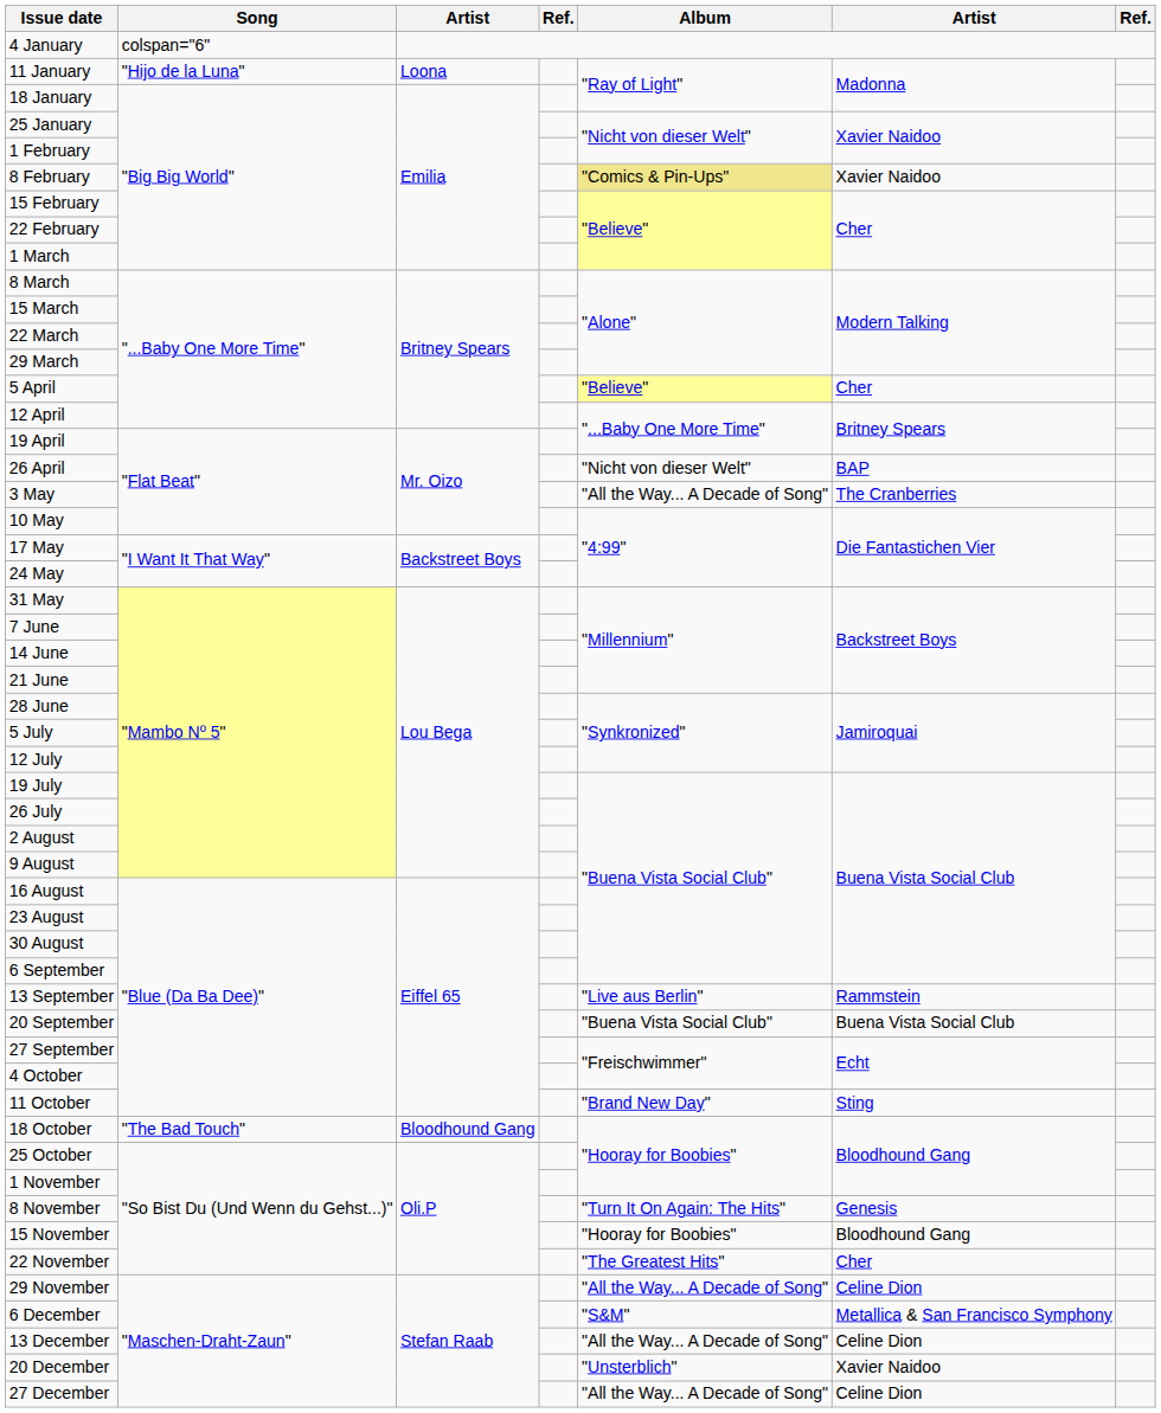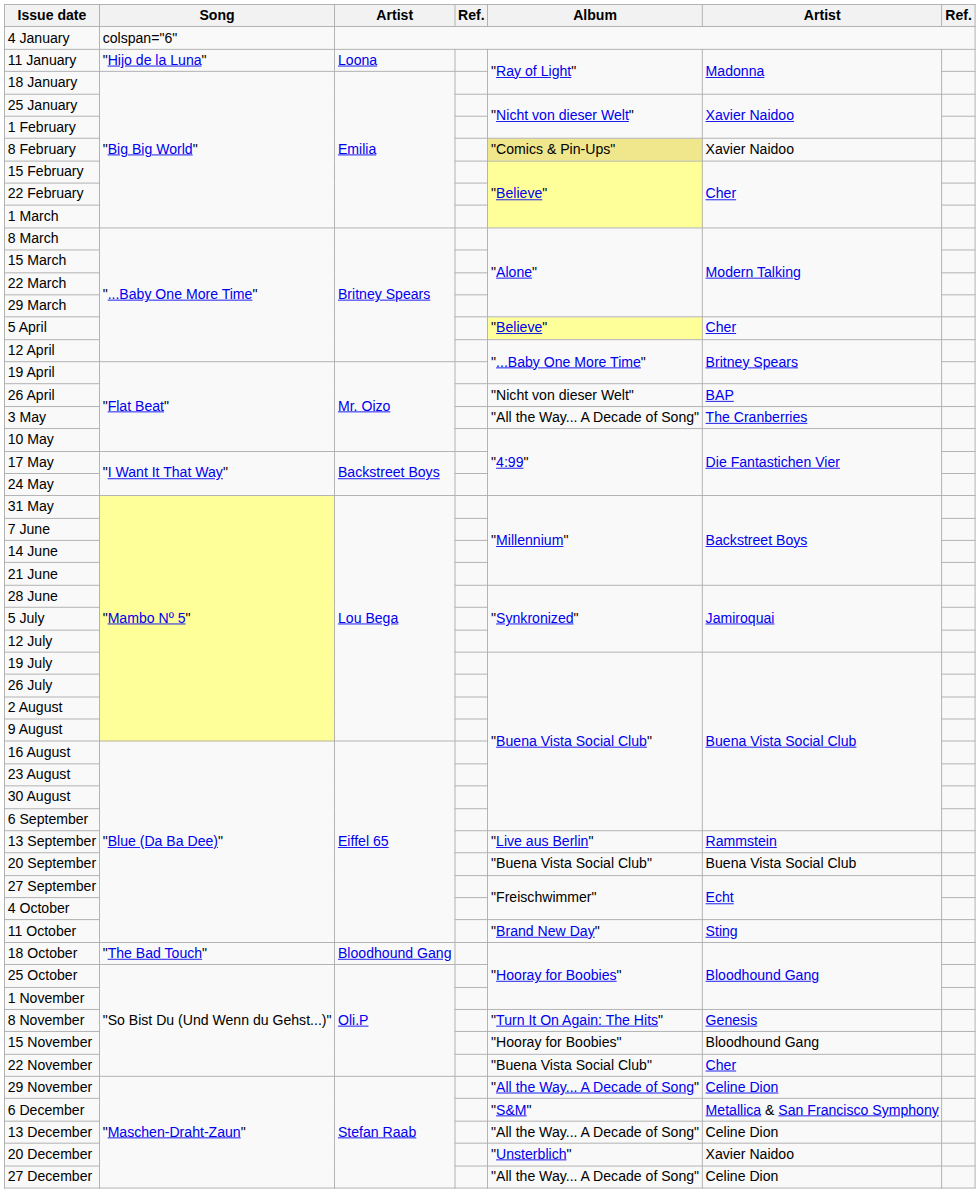 <table class="sortable wikitable">
 <tr>
 <th>Issue date</th>
 <th>Song</th>
 <th>Artist</th>
 <th>Ref.</th>
 <th>Album</th>
 <th>Artist</th>
 <th>Ref.</th>
 </tr>
 <tr>
 <td>4 January</td>
 <td>colspan="6" </td>
 </tr>
 <tr>
 <td>11 January</td>
 <td>"<a href='#'>Hijo de la Luna</a>"</td>
 <td><a href='#'>Loona</a></td>
 <td align="center"></td>
 <td rowspan="2">"<a href='#'>Ray of Light</a>"</td>
 <td rowspan="2"><a href='#'>Madonna</a></td>
 <td align="center"></td>
 </tr>
 <tr>
 <td>18 January</td>
 <td rowspan="7">"<a href='#'>Big Big World</a>"</td>
 <td rowspan="7"><a href='#'>Emilia</a></td>
 <td align="center"></td>
 <td align="center"></td>
 </tr>
 <tr>
 <td>25 January</td>
 <td align="center"></td>
 <td rowspan="2">"<a href='#'>Nicht von dieser Welt</a>"</td>
 <td rowspan="2"><a href='#'>Xavier Naidoo</a></td>
 <td align="center"></td>
 </tr>
 <tr>
 <td>1 February</td>
 <td align="center"></td>
 <td align="center"></td>
 </tr>
 <tr>
 <td>8 February</td>
 <td align="center"></td>
 <td style="background: khaki;">"Comics & Pin-Ups"</td>
 <td>Xavier Naidoo</td>
 <td align="center"></td>
 </tr>
 <tr>
 <td>15 February</td>
 <td align="center"></td>
 <td bgcolor=#FFFF99 rowspan="3">"<a href='#'>Believe</a>" </td>
 <td rowspan="3"><a href='#'>Cher</a></td>
 <td align="center"></td>
 </tr>
 <tr>
 <td>22 February</td>
 <td align="center"></td>
 <td align="center"></td>
 </tr>
 <tr>
 <td>1 March</td>
 <td align="center"></td>
 <td align="center"></td>
 </tr>
 <tr>
 <td>8 March</td>
 <td rowspan="6">"<a href='#'>...Baby One More Time</a>"</td>
 <td rowspan="6"><a href='#'>Britney Spears</a></td>
 <td align="center"></td>
 <td rowspan="4">"<a href='#'>Alone</a>"</td>
 <td rowspan="4"><a href='#'>Modern Talking</a></td>
 <td align="center"></td>
 </tr>
 <tr>
 <td>15 March</td>
 <td align="center"></td>
 <td align="center"></td>
 </tr>
 <tr>
 <td>22 March</td>
 <td align="center"></td>
 <td align="center"></td>
 </tr>
 <tr>
 <td>29 March</td>
 <td align="center"></td>
 <td align="center"></td>
 </tr>
 <tr>
 <td>5 April</td>
 <td align="center"></td>
 <td bgcolor=#FFFF99>"<a href='#'>Believe</a>" </td>
 <td><a href='#'>Cher</a></td>
 <td align="center"></td>
 </tr>
 <tr>
 <td>12 April</td>
 <td align="center"></td>
 <td rowspan="2">"<a href='#'>...Baby One More Time</a>"</td>
 <td rowspan="2"><a href='#'>Britney Spears</a></td>
 <td align="center"></td>
 </tr>
 <tr>
 <td>19 April</td>
 <td rowspan="4">"<a href='#'>Flat Beat</a>"</td>
 <td rowspan="4"><a href='#'>Mr. Oizo</a></td>
 <td align="center"></td>
 <td align="center"></td>
 </tr>
 <tr>
 <td>26 April</td>
 <td align="center"></td>
 <td>"Nicht von dieser Welt"</td>
 <td><a href='#'>BAP</a></td>
 <td align="center"></td>
 </tr>
 <tr>
 <td>3 May</td>
 <td align="center"></td>
 <td>"All the Way... A Decade of Song"</td>
 <td><a href='#'>The Cranberries</a></td>
 <td align="center"></td>
 </tr>
 <tr>
 <td>10 May</td>
 <td align="center"></td>
 <td rowspan="3">"<a href='#'>4:99</a>"</td>
 <td rowspan="3"><a href='#'>Die Fantastichen Vier</a></td>
 <td align="center"></td>
 </tr>
 <tr>
 <td>17 May</td>
 <td rowspan="2">"<a href='#'>I Want It That Way</a>"</td>
 <td rowspan="2"><a href='#'>Backstreet Boys</a></td>
 <td align="center"></td>
 <td align="center"></td>
 </tr>
 <tr>
 <td>24 May</td>
 <td align="center"></td>
 <td align="center"></td>
 </tr>
 <tr>
 <td>31 May</td>
 <td bgcolor=#FFFF99 rowspan="11">"<a href='#'>Mambo Nº 5</a>" </td>
 <td rowspan="11"><a href='#'>Lou Bega</a></td>
 <td align="center"></td>
 <td rowspan="4">"<a href='#'>Millennium</a>"</td>
 <td rowspan="4"><a href='#'>Backstreet Boys</a></td>
 <td align="center"></td>
 </tr>
 <tr>
 <td>7 June</td>
 <td align="center"></td>
 <td align="center"></td>
 </tr>
 <tr>
 <td>14 June</td>
 <td align="center"></td>
 <td align="center"></td>
 </tr>
 <tr>
 <td>21 June</td>
 <td align="center"></td>
 <td align="center"></td>
 </tr>
 <tr>
 <td>28 June</td>
 <td align="center"></td>
 <td rowspan="3">"<a href='#'>Synkronized</a>"</td>
 <td rowspan="3"><a href='#'>Jamiroquai</a></td>
 <td align="center"></td>
 </tr>
 <tr>
 <td>5 July</td>
 <td align="center"></td>
 <td align="center"></td>
 </tr>
 <tr>
 <td>12 July</td>
 <td align="center"></td>
 <td align="center"></td>
 </tr>
 <tr>
 <td>19 July</td>
 <td align="center"></td>
 <td rowspan="8">"<a href='#'>Buena Vista Social Club</a>"</td>
 <td rowspan="8"><a href='#'>Buena Vista Social Club</a></td>
 <td align="center"></td>
 </tr>
 <tr>
 <td>26 July</td>
 <td align="center"></td>
 <td align="center"></td>
 </tr>
 <tr>
 <td>2 August</td>
 <td align="center"></td>
 <td align="center"></td>
 </tr>
 <tr>
 <td>9 August</td>
 <td align="center"></td>
 <td align="center"></td>
 </tr>
 <tr>
 <td>16 August</td>
 <td rowspan="9">"<a href='#'>Blue (Da Ba Dee)</a>"</td>
 <td rowspan="9"><a href='#'>Eiffel 65</a></td>
 <td align="center"></td>
 <td align="center"></td>
 </tr>
 <tr>
 <td>23 August</td>
 <td align="center"></td>
 <td align="center"></td>
 </tr>
 <tr>
 <td>30 August</td>
 <td align="center"></td>
 <td align="center"></td>
 </tr>
 <tr>
 <td>6 September</td>
 <td align="center"></td>
 <td align="center"></td>
 </tr>
 <tr>
 <td>13 September</td>
 <td align="center"></td>
 <td>"<a href='#'>Live aus Berlin</a>"</td>
 <td><a href='#'>Rammstein</a></td>
 <td align="center"></td>
 </tr>
 <tr>
 <td>20 September</td>
 <td align="center"></td>
 <td>"Buena Vista Social Club"</td>
 <td>Buena Vista Social Club</td>
 <td align="center"></td>
 </tr>
 <tr>
 <td>27 September</td>
 <td align="center"></td>
 <td rowspan="2">"Freischwimmer"</td>
 <td rowspan="2"><a href='#'>Echt</a></td>
 <td align="center"></td>
 </tr>
 <tr>
 <td>4 October</td>
 <td align="center"></td>
 <td align="center"></td>
 </tr>
 <tr>
 <td>11 October</td>
 <td align="center"></td>
 <td>"<a href='#'>Brand New Day</a>"</td>
 <td><a href='#'>Sting</a></td>
 <td align="center"></td>
 </tr>
 <tr>
 <td>18 October</td>
 <td>"<a href='#'>The Bad Touch</a>"</td>
 <td><a href='#'>Bloodhound Gang</a></td>
 <td align="center"></td>
 <td rowspan="3">"<a href='#'>Hooray for Boobies</a>"</td>
 <td rowspan="3"><a href='#'>Bloodhound Gang</a></td>
 <td align="center"></td>
 </tr>
 <tr>
 <td>25 October</td>
 <td rowspan="5">"So Bist Du (Und Wenn du Gehst...)"</td>
 <td rowspan="5"><a href='#'>Oli.P</a></td>
 <td align="center"></td>
 <td align="center"></td>
 </tr>
 <tr>
 <td>1 November</td>
 <td align="center"></td>
 <td align="center"></td>
 </tr>
 <tr>
 <td>8 November</td>
 <td align="center"></td>
 <td>"<a href='#'>Turn It On Again: The Hits</a>"</td>
 <td><a href='#'>Genesis</a></td>
 <td align="center"></td>
 </tr>
 <tr>
 <td>15 November</td>
 <td align="center"></td>
 <td>"Hooray for Boobies"</td>
 <td>Bloodhound Gang</td>
 <td align="center"></td>
 </tr>
 <tr>
 <td>22 November</td>
 <td align="center"></td>
-<td>"<a href='#'>The Greatest Hits</a>"</td>
+<td>"Buena Vista Social Club"</td>
 <td><a href='#'>Cher</a></td>
 <td align="center"></td>
 </tr>
 <tr>
 <td>29 November</td>
 <td rowspan="5">"<a href='#'>Maschen-Draht-Zaun</a>"</td>
 <td rowspan="5"><a href='#'>Stefan Raab</a></td>
 <td align="center"></td>
 <td>"<a href='#'>All the Way... A Decade of Song</a>"</td>
 <td><a href='#'>Celine Dion</a></td>
 <td align="center"></td>
 </tr>
 <tr>
 <td>6 December</td>
 <td align="center"></td>
 <td>"<a href='#'>S&M</a>"</td>
 <td><a href='#'>Metallica</a> & <a href='#'>San Francisco Symphony</a></td>
 <td align="center"></td>
 </tr>
 <tr>
 <td>13 December</td>
 <td align="center"></td>
 <td>"All the Way... A Decade of Song"</td>
 <td>Celine Dion</td>
 <td align="center"></td>
 </tr>
 <tr>
 <td>20 December</td>
 <td align="center"></td>
 <td>"<a href='#'>Unsterblich</a>"</td>
 <td>Xavier Naidoo</td>
 <td align="center"></td>
 </tr>
 <tr>
 <td>27 December</td>
 <td align="center"></td>
 <td>"All the Way... A Decade of Song"</td>
 <td>Celine Dion</td>
 <td align="center"></td>
 </tr>
 </table>
